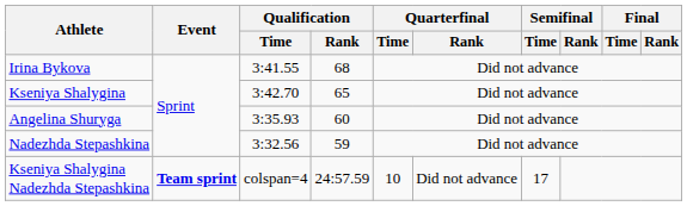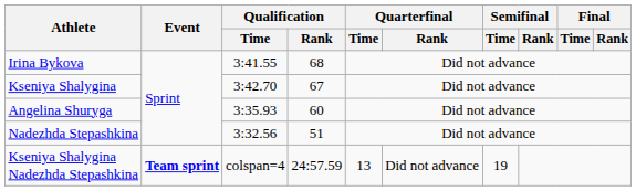 <table class=wikitable style=font-size:90%;text-align:center>
 <tr>
 <th rowspan=2>Athlete</th>
 <th rowspan=2>Event</th>
 <th colspan=2>Qualification</th>
 <th colspan=2>Quarterfinal</th>
 <th colspan=2>Semifinal</th>
 <th colspan=2>Final</th>
 </tr>
 <tr style=font-size:95%>
 <th>Time</th>
 <th>Rank</th>
 <th>Time</th>
 <th>Rank</th>
 <th>Time</th>
 <th>Rank</th>
 <th>Time</th>
 <th>Rank</th>
 </tr>
 <tr>
 <td align=left><a href='#'>Irina Bykova</a></td>
 <td align=left rowspan=4><a href='#'>Sprint</a></td>
 <td>3:41.55</td>
 <td>68</td>
 <td colspan=6>Did not advance</td>
 </tr>
 <tr>
 <td align=left><a href='#'>Kseniya Shalygina</a></td>
 <td>3:42.70</td>
-<td>65</td>
+<td>67</td>
 <td colspan=6>Did not advance</td>
 </tr>
 <tr>
 <td align=left><a href='#'>Angelina Shuryga</a></td>
 <td>3:35.93</td>
 <td>60</td>
 <td colspan=6>Did not advance</td>
 </tr>
 <tr>
 <td align=left><a href='#'>Nadezhda Stepashkina</a></td>
 <td>3:32.56</td>
-<td>59</td>
+<td>51</td>
 <td colspan=6>Did not advance</td>
 </tr>
 <tr>
 <td align=left><a href='#'>Kseniya Shalygina</a><br><a href='#'>Nadezhda Stepashkina</a></td>
 <td align=left><strong><a href='#'>Team sprint</a></strong></td>
 <td>colspan=4 </td>
 <td>24:57.59</td>
-<td>10</td>
+<td>13</td>
 <td>Did not advance</td>
-<td>17</td>
+<td>19</td>
 </tr>
 </table>
